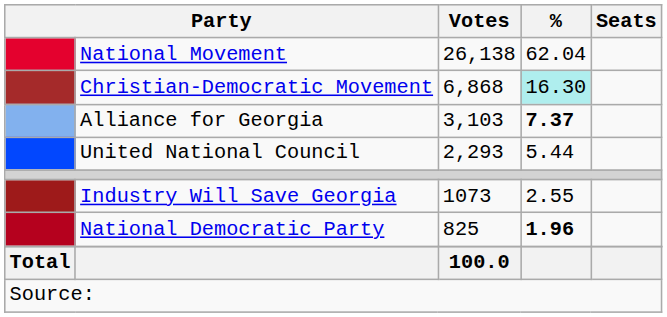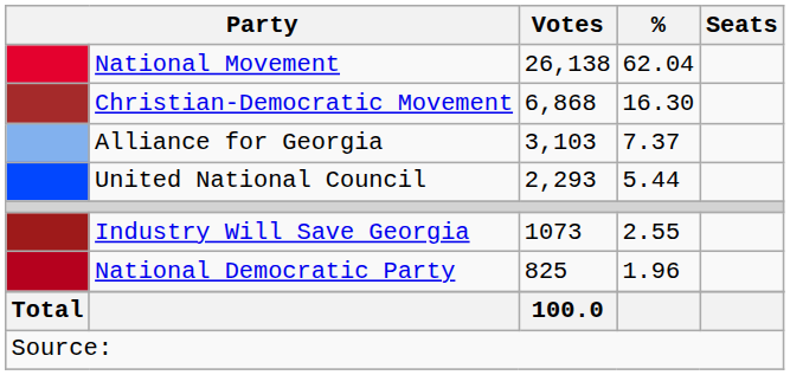 <table class="wikitable">
 <tr>
 <th colspan="2">Party</th>
 <th scope="col">Votes</th>
 <th scope="col">%</th>
 <th scope="col">Seats</th>
 </tr>
 <tr>
 <td style="background:#e4012e"></td>
 <td align=left><a href='#'>National Movement</a></td>
 <td>26,138</td>
 <td>62.04</td>
 <td align=right></td>
 </tr>
 <tr>
 <td style="background:#A52A2A"></td>
 <td align=left><a href='#'>Christian-Democratic Movement</a></td>
 <td>6,868</td>
-<td style="background: paleturquoise;">16.30</td>
+<td>16.30</td>
 <td align=right></td>
 </tr>
 <tr>
 <td style="background:#82B1EE"></td>
 <td align=left>Alliance for Georgia </td>
 <td>3,103</td>
-<td><strong>7.37</strong></td>
+<td>7.37</td>
 <td align=right></td>
 </tr>
 <tr>
 <td style="background:#0247FE"></td>
 <td align=left>United National Council </td>
 <td>2,293</td>
 <td>5.44</td>
 <td align=right></td>
 </tr>
 <tr>
 <td colspan=5 bgcolor=lightgrey></td>
 </tr>
 <tr>
 <td style="background:#9E1A1A"></td>
 <td align=left><a href='#'>Industry Will Save Georgia</a></td>
 <td>1073</td>
 <td>2.55</td>
 <td align=right></td>
 </tr>
 <tr>
 <td style="background:#b5011e"></td>
 <td align=left><a href='#'>National Democratic Party</a></td>
 <td>825</td>
-<td><strong>1.96</strong></td>
+<td>1.96</td>
 <td align=right></td>
 </tr>
 <tr>
 </tr>
 <tr>
 <th colspan=1>Total</th>
 <th></th>
 <th>100.0</th>
 <th></th>
 <th></th>
 </tr>
 <tr>
 <td colspan=5>Source: </td>
 </tr>
 </table>
